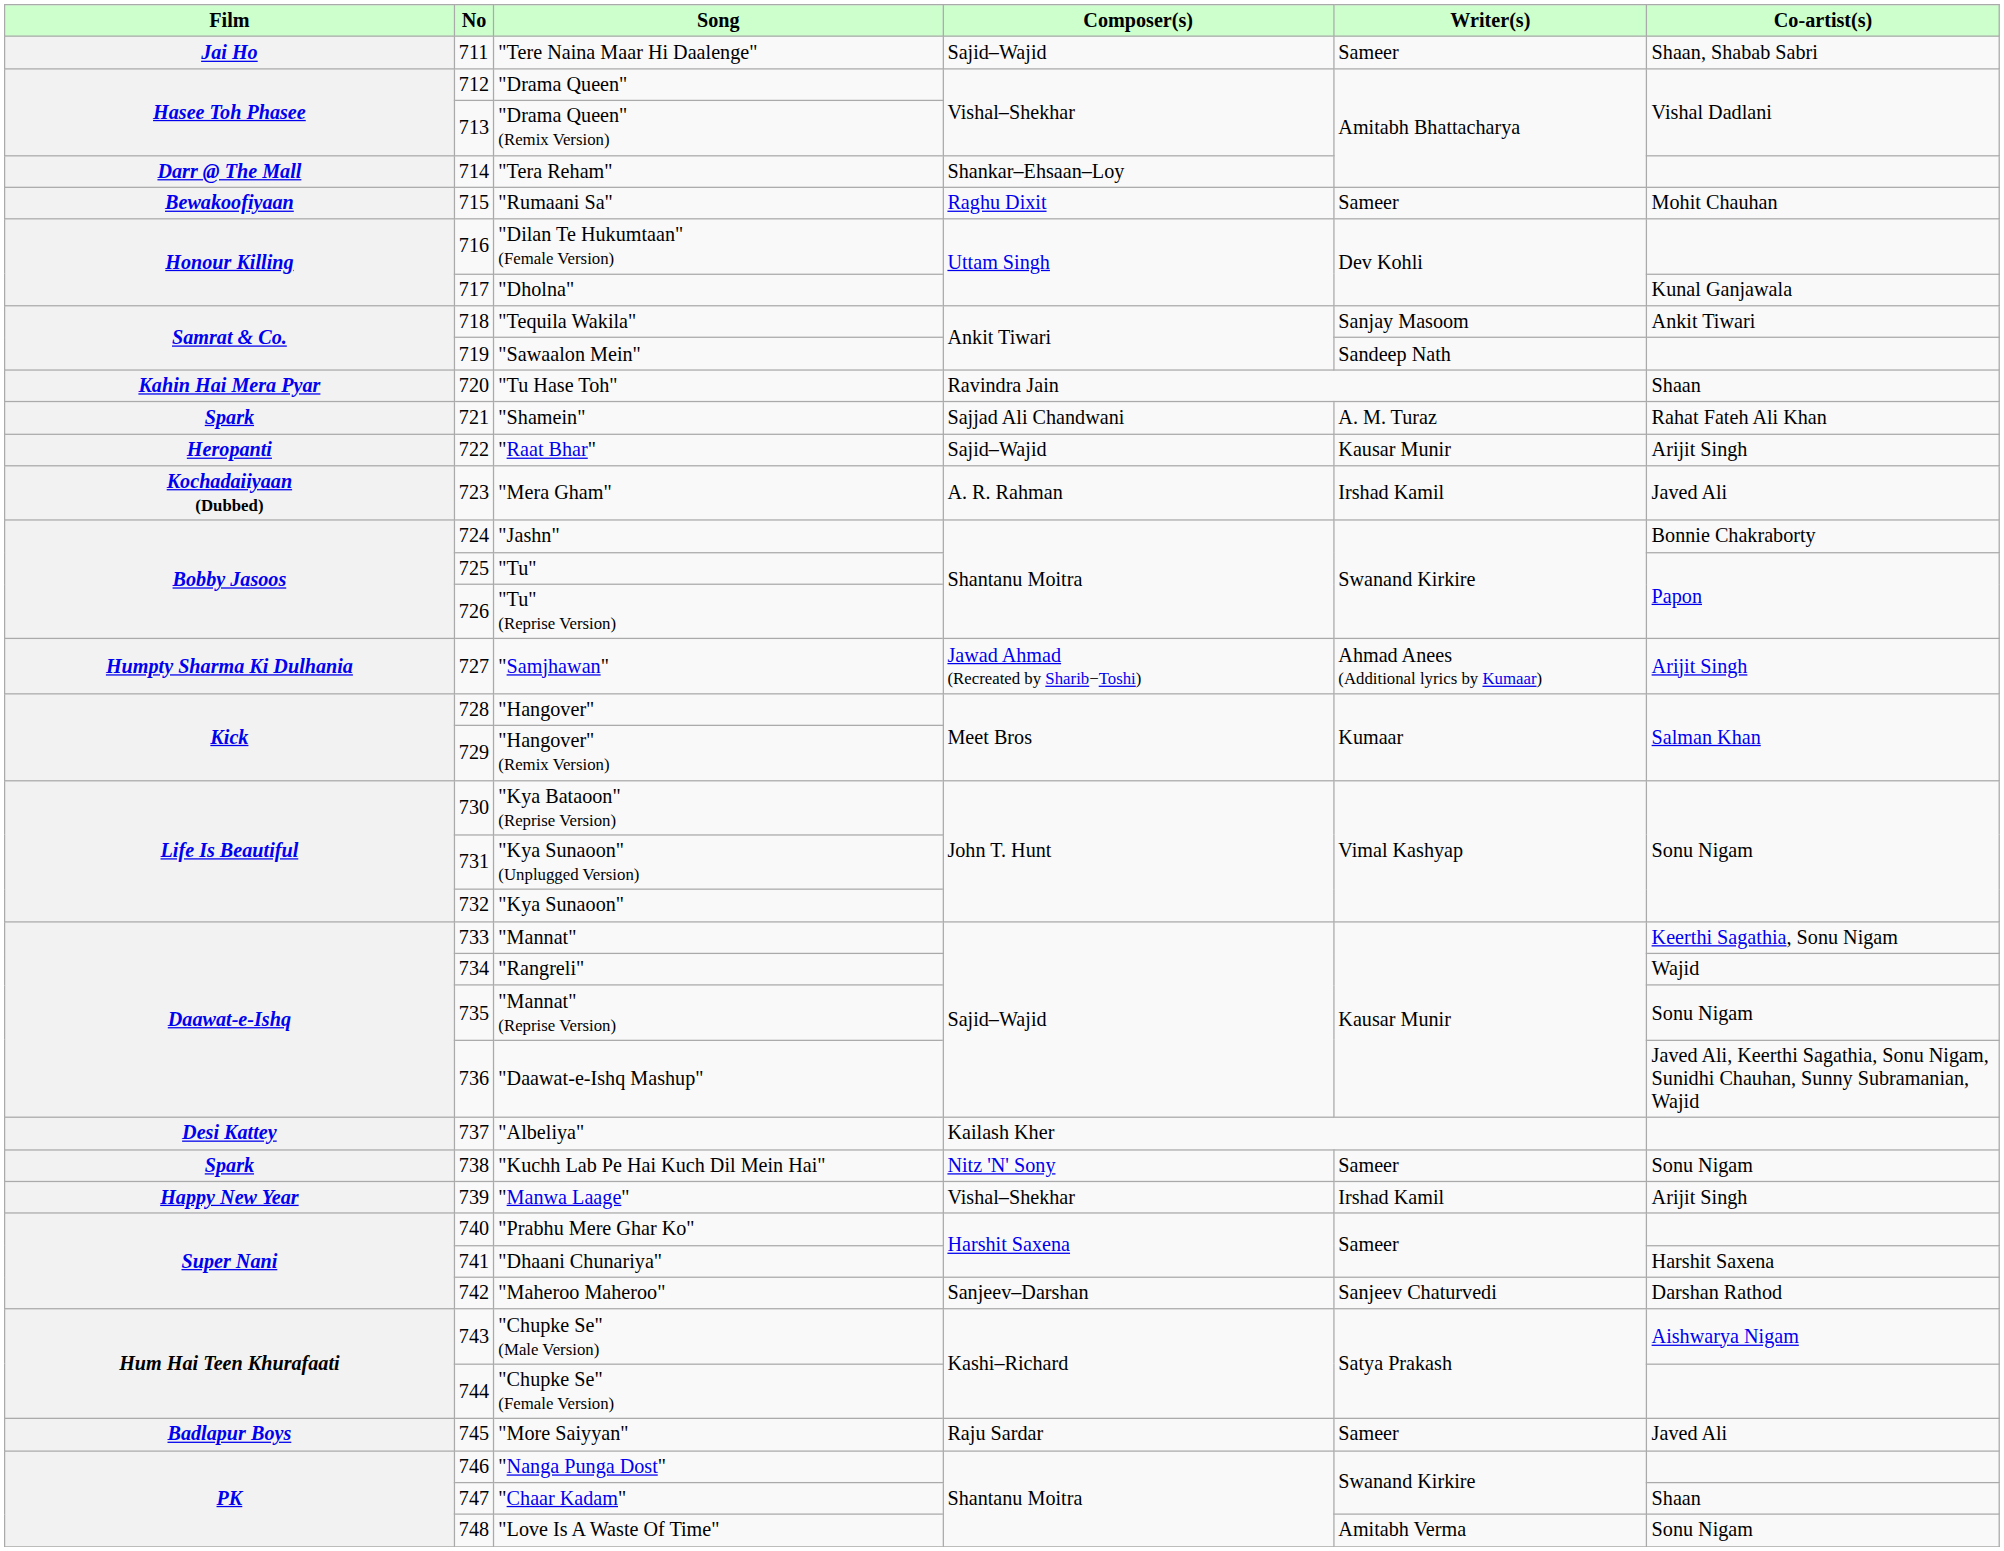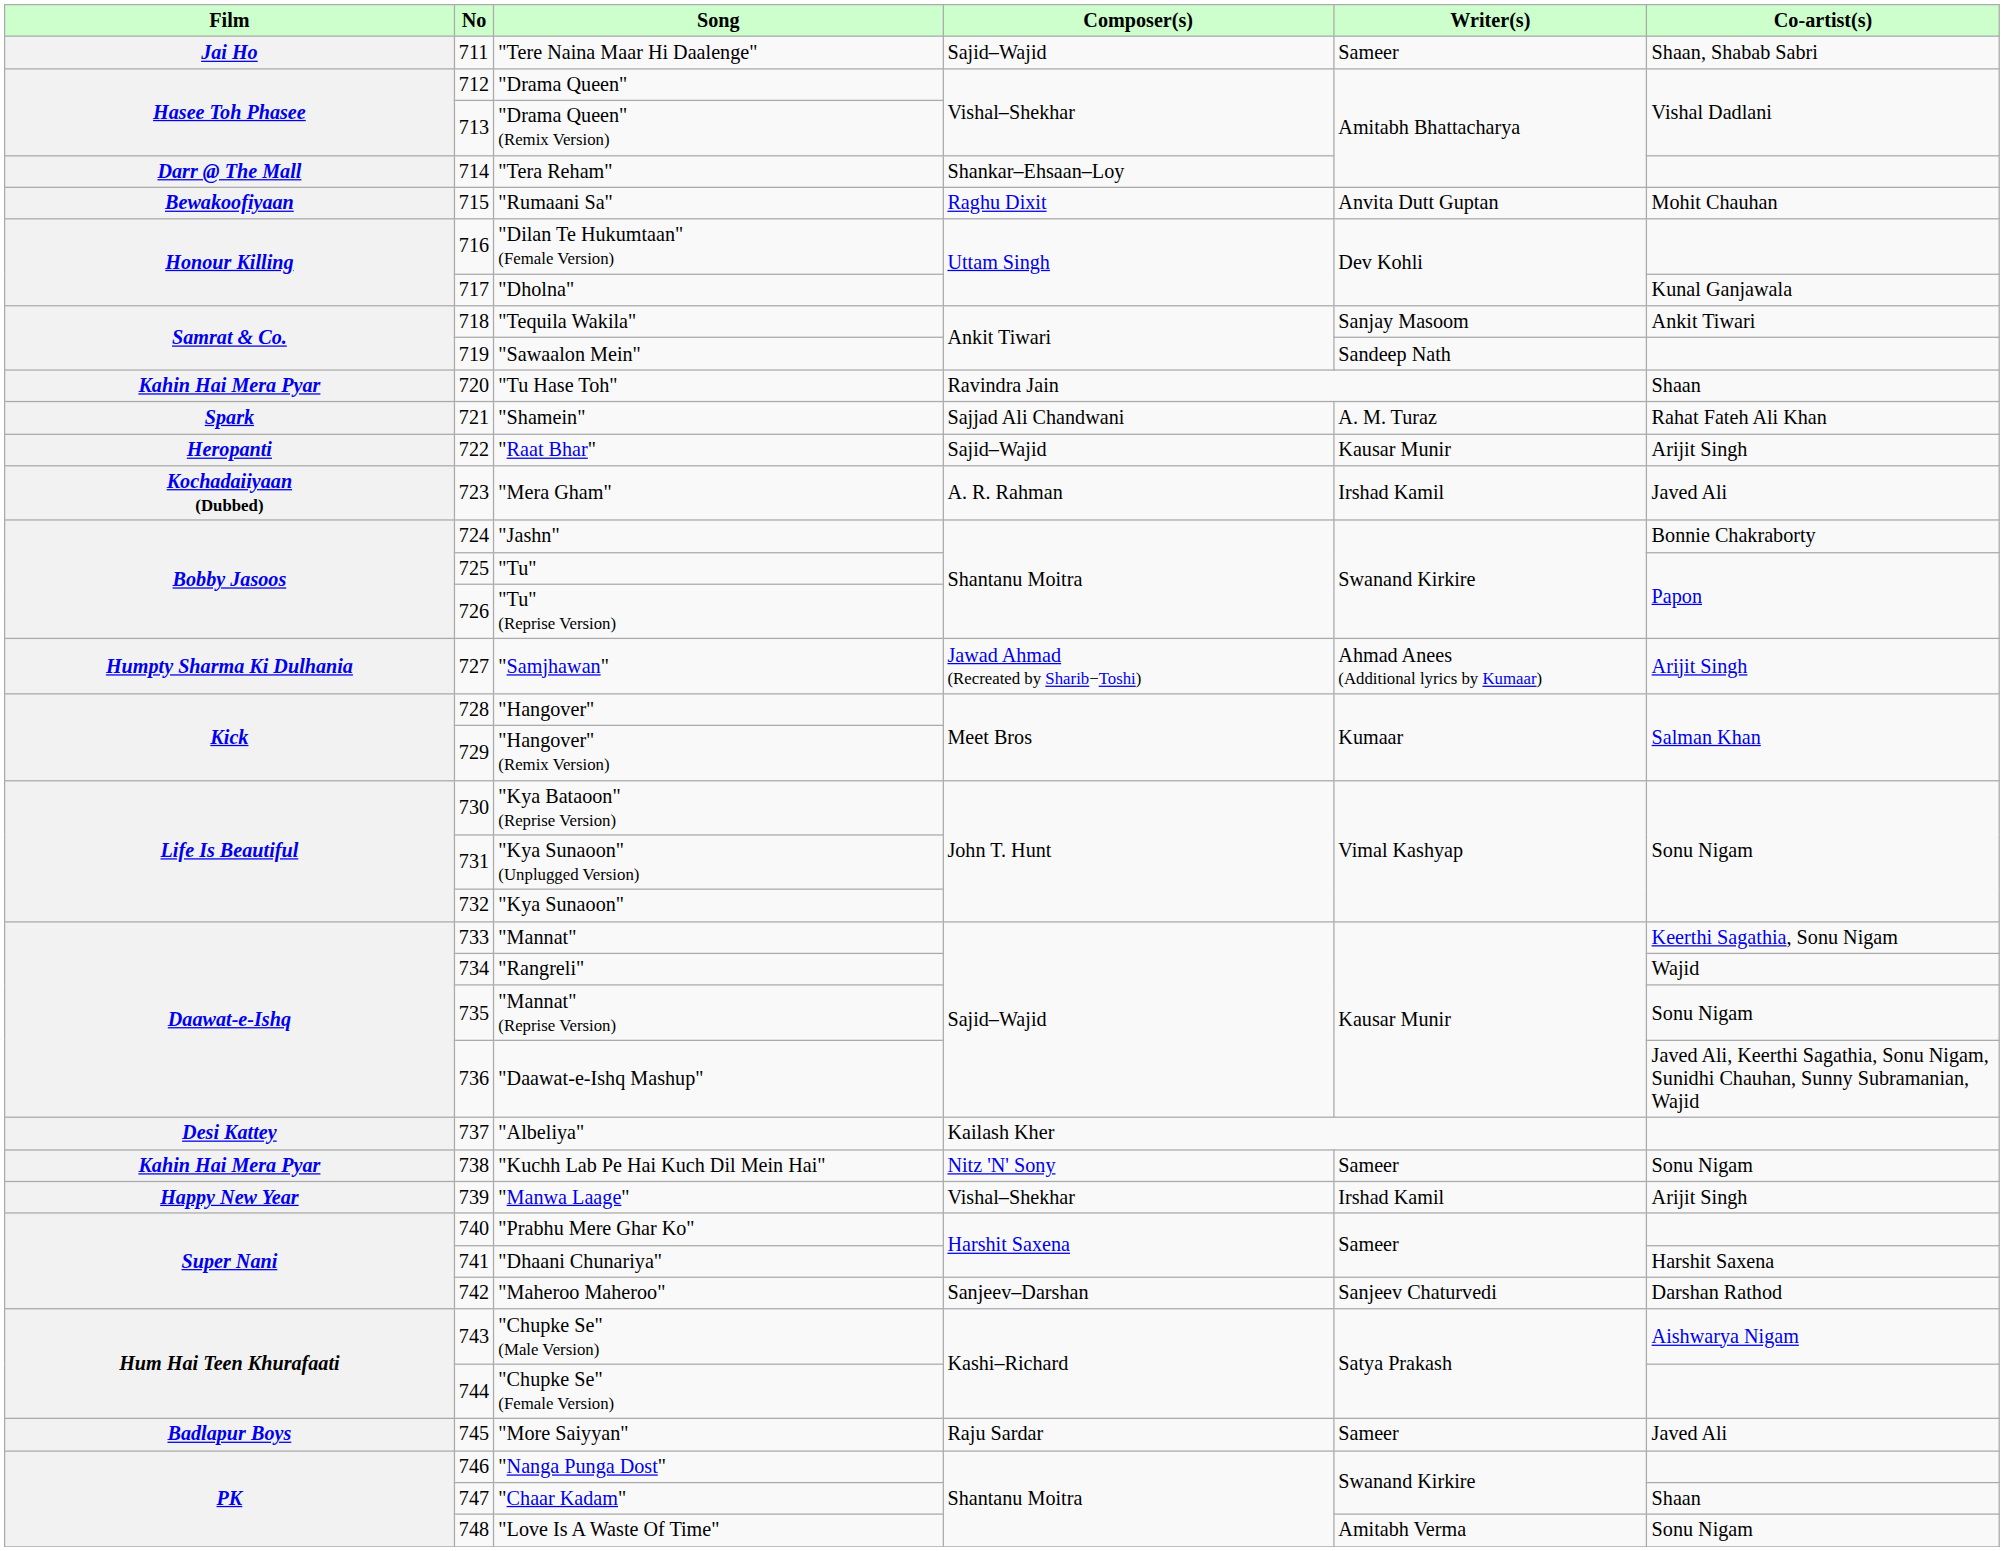 <table class="wikitable plainrowheaders" style="width:100%; textcolor:#000">
 <tr style="background:#cfc; text-align:center;">
 <td scope="col" style="width:23%;"><strong>Film</strong></td>
 <td><strong>No</strong></td>
 <td scope="col" style="width:23%;"><strong>Song</strong></td>
 <td scope="col" style="width:20%;"><strong>Composer(s)</strong></td>
 <td scope="col" style="width:16%;"><strong>Writer(s)</strong></td>
 <td scope="col" style="width:18%;"><strong>Co-artist(s)</strong></td>
 </tr>
 <tr>
 <th scope="row"><em><a href='#'>Jai Ho</a></em></th>
 <td>711</td>
 <td>"Tere Naina Maar Hi Daalenge"</td>
 <td>Sajid–Wajid</td>
 <td>Sameer</td>
 <td>Shaan, Shabab Sabri</td>
 </tr>
 <tr>
 <th scope="row" rowspan="2"><em><a href='#'>Hasee Toh Phasee</a></em></th>
 <td>712</td>
 <td>"Drama Queen"</td>
 <td rowspan="2">Vishal–Shekhar</td>
 <td rowspan="3">Amitabh Bhattacharya</td>
 <td rowspan="2">Vishal Dadlani</td>
 </tr>
 <tr>
 <td>713</td>
 <td>"Drama Queen"<br><small>(Remix Version)</small></td>
 </tr>
 <tr>
 <th scope="row"><em><a href='#'>Darr @ The Mall</a></em></th>
 <td>714</td>
 <td>"Tera Reham"</td>
 <td>Shankar–Ehsaan–Loy</td>
 <td></td>
 </tr>
 <tr>
 <th scope="row"><em><a href='#'>Bewakoofiyaan</a></em></th>
 <td>715</td>
 <td>"Rumaani Sa"</td>
 <td><a href='#'>Raghu Dixit</a></td>
-<td>Sameer</td>
+<td>Anvita Dutt Guptan</td>
 <td>Mohit Chauhan</td>
 </tr>
 <tr>
 <th scope="row" rowspan="2"><em><a href='#'>Honour Killing</a></em></th>
 <td>716</td>
 <td>"Dilan Te Hukumtaan" <br><small>(Female Version)</small></td>
 <td rowspan="2"><a href='#'>Uttam Singh</a></td>
 <td rowspan="2">Dev Kohli</td>
 <td></td>
 </tr>
 <tr>
 <td>717</td>
 <td>"Dholna"</td>
 <td>Kunal Ganjawala</td>
 </tr>
 <tr>
 <th scope="row" rowspan="2"><em><a href='#'>Samrat & Co.</a></em></th>
 <td>718</td>
 <td>"Tequila Wakila"</td>
 <td rowspan="2">Ankit Tiwari</td>
 <td>Sanjay Masoom</td>
 <td>Ankit Tiwari</td>
 </tr>
 <tr>
 <td>719</td>
 <td>"Sawaalon Mein"</td>
 <td>Sandeep Nath</td>
 <td></td>
 </tr>
 <tr>
 <th scope="row"><em><a href='#'>Kahin Hai Mera Pyar</a></em></th>
 <td>720</td>
 <td>"Tu Hase Toh"</td>
 <td colspan="2">Ravindra Jain</td>
 <td>Shaan</td>
 </tr>
 <tr>
 <th scope="row"><em><a href='#'>Spark</a></em></th>
 <td>721</td>
 <td>"Shamein"</td>
 <td>Sajjad Ali Chandwani</td>
 <td>A. M. Turaz</td>
 <td>Rahat Fateh Ali Khan</td>
 </tr>
 <tr>
 <th scope="row"><em><a href='#'>Heropanti</a></em></th>
 <td>722</td>
 <td>"<a href='#'>Raat Bhar</a>"</td>
 <td>Sajid–Wajid</td>
 <td>Kausar Munir</td>
 <td>Arijit Singh</td>
 </tr>
 <tr>
 <th scope="row"><em><a href='#'>Kochadaiiyaan</a></em><br><small>(Dubbed)</small></th>
 <td>723</td>
 <td>"Mera Gham"</td>
 <td>A. R. Rahman</td>
 <td>Irshad Kamil</td>
 <td>Javed Ali</td>
 </tr>
 <tr>
 <th scope="row" rowspan="3"><em><a href='#'>Bobby Jasoos</a></em></th>
 <td>724</td>
 <td>"Jashn"</td>
 <td rowspan="3">Shantanu Moitra</td>
 <td rowspan="3">Swanand Kirkire</td>
 <td>Bonnie Chakraborty</td>
 </tr>
 <tr>
 <td>725</td>
 <td>"Tu"</td>
 <td rowspan="2"><a href='#'>Papon</a></td>
 </tr>
 <tr>
 <td>726</td>
 <td>"Tu"<br><small>(Reprise Version)</small></td>
 </tr>
 <tr>
 <th scope="row"><em><a href='#'>Humpty Sharma Ki Dulhania</a></em></th>
 <td>727</td>
 <td>"<a href='#'>Samjhawan</a>"</td>
 <td><a href='#'>Jawad Ahmad</a><br><small>(Recreated by <a href='#'>Sharib</a>−<a href='#'>Toshi</a>)</small></td>
 <td>Ahmad Anees<br><small>(Additional lyrics by <a href='#'>Kumaar</a>)</small></td>
 <td><a href='#'>Arijit Singh</a></td>
 </tr>
 <tr>
 <th scope="row" rowspan="2"><em><a href='#'>Kick</a></em></th>
 <td>728</td>
 <td>"Hangover"</td>
 <td rowspan="2">Meet Bros</td>
 <td rowspan="2">Kumaar</td>
 <td rowspan="2"><a href='#'>Salman Khan</a></td>
 </tr>
 <tr>
 <td>729</td>
 <td>"Hangover"<br><small>(Remix Version)</small></td>
 </tr>
 <tr>
 <th scope="row" rowspan="3"><em><a href='#'>Life Is Beautiful</a></em></th>
 <td>730</td>
 <td>"Kya Bataoon"<br><small>(Reprise Version)</small></td>
 <td rowspan="3">John T. Hunt</td>
 <td rowspan="3">Vimal Kashyap</td>
 <td rowspan="3">Sonu Nigam</td>
 </tr>
 <tr>
 <td>731</td>
 <td>"Kya Sunaoon"<br><small>(Unplugged Version)</small></td>
 </tr>
 <tr>
 <td>732</td>
 <td>"Kya Sunaoon"</td>
 </tr>
 <tr>
 <th scope="row" rowspan="4"><em><a href='#'>Daawat-e-Ishq</a></em></th>
 <td>733</td>
 <td>"Mannat"</td>
 <td rowspan="4">Sajid–Wajid</td>
 <td rowspan="4">Kausar Munir</td>
 <td><a href='#'>Keerthi Sagathia</a>, Sonu Nigam</td>
 </tr>
 <tr>
 <td>734</td>
 <td>"Rangreli"</td>
 <td>Wajid</td>
 </tr>
 <tr>
 <td>735</td>
 <td>"Mannat"<br><small>(Reprise Version)</small></td>
 <td>Sonu Nigam</td>
 </tr>
 <tr>
 <td>736</td>
 <td>"Daawat-e-Ishq Mashup"</td>
 <td>Javed Ali, Keerthi Sagathia, Sonu Nigam, Sunidhi Chauhan, Sunny Subramanian, Wajid</td>
 </tr>
 <tr>
 <th scope="row"><em><a href='#'>Desi Kattey</a></em></th>
 <td>737</td>
 <td>"Albeliya"</td>
 <td colspan="2">Kailash Kher</td>
 <td></td>
 </tr>
 <tr>
-<th scope="row"><em><a href='#'>Spark</a></em></th>
+<th scope="row"><em><a href='#'>Kahin Hai Mera Pyar</a></em></th>
 <td>738</td>
 <td>"Kuchh Lab Pe Hai Kuch Dil Mein Hai"</td>
 <td><a href='#'>Nitz 'N' Sony</a></td>
 <td>Sameer</td>
 <td>Sonu Nigam</td>
 </tr>
 <tr>
 <th scope="row"><em><a href='#'>Happy New Year</a></em></th>
 <td>739</td>
 <td>"<a href='#'>Manwa Laage</a>"</td>
 <td>Vishal–Shekhar</td>
 <td>Irshad Kamil</td>
 <td>Arijit Singh</td>
 </tr>
 <tr>
 <th scope="row" rowspan="3"><em><a href='#'>Super Nani</a></em></th>
 <td>740</td>
 <td>"Prabhu Mere Ghar Ko"</td>
 <td rowspan="2"><a href='#'>Harshit Saxena</a></td>
 <td rowspan="2">Sameer</td>
 <td></td>
 </tr>
 <tr>
 <td>741</td>
 <td>"Dhaani Chunariya"</td>
 <td>Harshit Saxena</td>
 </tr>
 <tr>
 <td>742</td>
 <td>"Maheroo Maheroo"</td>
 <td>Sanjeev–Darshan</td>
 <td>Sanjeev Chaturvedi</td>
 <td>Darshan Rathod</td>
 </tr>
 <tr>
 <th scope="row" rowspan="2"><em>Hum Hai Teen Khurafaati</em></th>
 <td>743</td>
 <td>"Chupke Se"<br><small>(Male Version)</small></td>
 <td rowspan="2">Kashi–Richard</td>
 <td rowspan="2">Satya Prakash</td>
 <td><a href='#'>Aishwarya Nigam</a></td>
 </tr>
 <tr>
 <td>744</td>
 <td>"Chupke Se"<br><small>(Female Version)</small></td>
 <td></td>
 </tr>
 <tr>
 <th scope="row"><em><a href='#'>Badlapur Boys</a></em></th>
 <td>745</td>
 <td>"More Saiyyan"</td>
 <td>Raju Sardar</td>
 <td>Sameer</td>
 <td>Javed Ali</td>
 </tr>
 <tr>
 <th scope="row" rowspan="3"><em><a href='#'>PK</a></em></th>
 <td>746</td>
 <td>"<a href='#'>Nanga Punga Dost</a>"</td>
 <td rowspan="3">Shantanu Moitra</td>
 <td rowspan="2">Swanand Kirkire</td>
 <td></td>
 </tr>
 <tr>
 <td>747</td>
 <td>"<a href='#'>Chaar Kadam</a>"</td>
 <td>Shaan</td>
 </tr>
 <tr>
 <td>748</td>
 <td>"Love Is A Waste Of Time"</td>
 <td>Amitabh Verma</td>
 <td>Sonu Nigam</td>
 </tr>
 </table>
